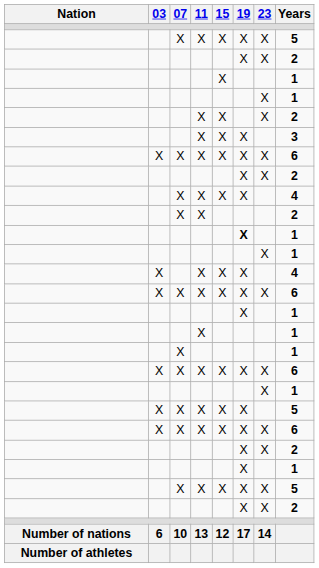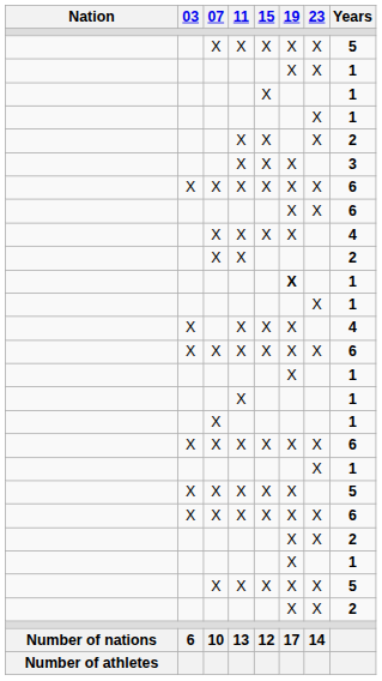 <table class="wikitable" style="text-align:center;">
 <tr>
 <th width="180">Nation</th>
 <th width="20"><a href='#'>03</a></th>
 <th width="20"><a href='#'>07</a></th>
 <th width="20"><a href='#'>11</a></th>
 <th width="20"><a href='#'>15</a></th>
 <th width="20"><a href='#'>19</a></th>
 <th width="20"><a href='#'>23</a></th>
 <th width="40">Years</th>
 </tr>
 <tr bgcolor="#DDDDDD">
 <td colspan="8"></td>
 </tr>
 <tr>
 <td align="left"></td>
 <td></td>
 <td>X</td>
 <td>X</td>
 <td>X</td>
 <td>X</td>
 <td>X</td>
 <td><strong>5</strong></td>
 </tr>
 <tr>
 <td align="left"></td>
 <td></td>
 <td></td>
 <td></td>
 <td></td>
 <td>X</td>
 <td>X</td>
-<td><strong>2</strong></td>
+<td><strong>1</strong></td>
 </tr>
 <tr>
 <td align="left"></td>
 <td></td>
 <td></td>
 <td></td>
 <td>X</td>
 <td></td>
 <td></td>
 <td><strong>1</strong></td>
 </tr>
 <tr>
 <td align="left"></td>
 <td></td>
 <td></td>
 <td></td>
 <td></td>
 <td></td>
 <td>X</td>
 <td><strong>1</strong></td>
 </tr>
 <tr>
 <td align="left"></td>
 <td></td>
 <td></td>
 <td>X</td>
 <td>X</td>
 <td></td>
 <td>X</td>
 <td><strong>2</strong></td>
 </tr>
 <tr>
 <td align="left"></td>
 <td></td>
 <td></td>
 <td>X</td>
 <td>X</td>
 <td>X</td>
 <td></td>
 <td><strong>3</strong></td>
 </tr>
 <tr>
 <td align="left"></td>
 <td>X</td>
 <td>X</td>
 <td>X</td>
 <td>X</td>
 <td>X</td>
 <td>X</td>
 <td><strong>6</strong></td>
 </tr>
 <tr>
 <td align="left"></td>
 <td></td>
 <td></td>
 <td></td>
 <td></td>
 <td>X</td>
 <td>X</td>
-<td><strong>2</strong></td>
+<td><strong>6</strong></td>
 </tr>
 <tr>
 <td align="left"></td>
 <td></td>
 <td>X</td>
 <td>X</td>
 <td>X</td>
 <td>X</td>
 <td></td>
 <td><strong>4</strong></td>
 </tr>
 <tr>
 <td align="left"></td>
 <td></td>
 <td>X</td>
 <td>X</td>
 <td></td>
 <td></td>
 <td></td>
 <td><strong>2</strong></td>
 </tr>
 <tr>
 <td align="left"></td>
 <td></td>
 <td></td>
 <td></td>
 <td></td>
 <td><strong>X</strong></td>
 <td></td>
 <td><strong>1</strong></td>
 </tr>
 <tr>
 <td align="left"></td>
 <td></td>
 <td></td>
 <td></td>
 <td></td>
 <td></td>
 <td>X</td>
 <td><strong>1</strong></td>
 </tr>
 <tr>
 <td align="left"></td>
 <td>X</td>
 <td></td>
 <td>X</td>
 <td>X</td>
 <td>X</td>
 <td></td>
 <td><strong>4</strong></td>
 </tr>
 <tr>
 <td align="left"></td>
 <td>X</td>
 <td>X</td>
 <td>X</td>
 <td>X</td>
 <td>X</td>
 <td>X</td>
 <td><strong>6</strong></td>
 </tr>
 <tr>
 <td align="left"></td>
 <td></td>
 <td></td>
 <td></td>
 <td></td>
 <td>X</td>
 <td></td>
 <td><strong>1</strong></td>
 </tr>
 <tr>
 <td align="left"></td>
 <td></td>
 <td></td>
 <td>X</td>
 <td></td>
 <td></td>
 <td></td>
 <td><strong>1</strong></td>
 </tr>
 <tr>
 <td align="left"></td>
 <td></td>
 <td>X</td>
 <td></td>
 <td></td>
 <td></td>
 <td></td>
 <td><strong>1</strong></td>
 </tr>
 <tr>
 <td align="left"></td>
 <td>X</td>
 <td>X</td>
 <td>X</td>
 <td>X</td>
 <td>X</td>
 <td>X</td>
 <td><strong>6</strong></td>
 </tr>
 <tr>
 <td align="left"></td>
 <td></td>
 <td></td>
 <td></td>
 <td></td>
 <td></td>
 <td>X</td>
 <td><strong>1</strong></td>
 </tr>
 <tr>
 <td align="left"></td>
 <td>X</td>
 <td>X</td>
 <td>X</td>
 <td>X</td>
 <td>X</td>
 <td></td>
 <td><strong>5</strong></td>
 </tr>
 <tr>
 <td align="left"></td>
 <td>X</td>
 <td>X</td>
 <td>X</td>
 <td>X</td>
 <td>X</td>
 <td>X</td>
 <td><strong>6</strong></td>
 </tr>
 <tr>
 <td align="left"></td>
 <td></td>
 <td></td>
 <td></td>
 <td></td>
 <td>X</td>
 <td>X</td>
 <td><strong>2</strong></td>
 </tr>
 <tr>
 <td align="left"></td>
 <td></td>
 <td></td>
 <td></td>
 <td></td>
 <td>X</td>
 <td></td>
 <td><strong>1</strong></td>
 </tr>
 <tr>
 <td align="left"></td>
 <td></td>
 <td>X</td>
 <td>X</td>
 <td>X</td>
 <td>X</td>
 <td>X</td>
 <td><strong>5</strong></td>
 </tr>
 <tr>
 <td align="left"></td>
 <td></td>
 <td></td>
 <td></td>
 <td></td>
 <td>X</td>
 <td>X</td>
 <td><strong>2</strong></td>
 </tr>
 <tr bgcolor="#DDDDDD">
 <td colspan="8"></td>
 </tr>
 <tr>
 <th>Number of nations</th>
 <th>6</th>
 <th>10</th>
 <th>13</th>
 <th>12</th>
 <th>17</th>
 <th>14</th>
 <th></th>
 </tr>
 <tr>
 <th>Number of athletes</th>
 <th></th>
 <th></th>
 <th></th>
 <th></th>
 <th></th>
 <th></th>
 <th></th>
 </tr>
 </table>
